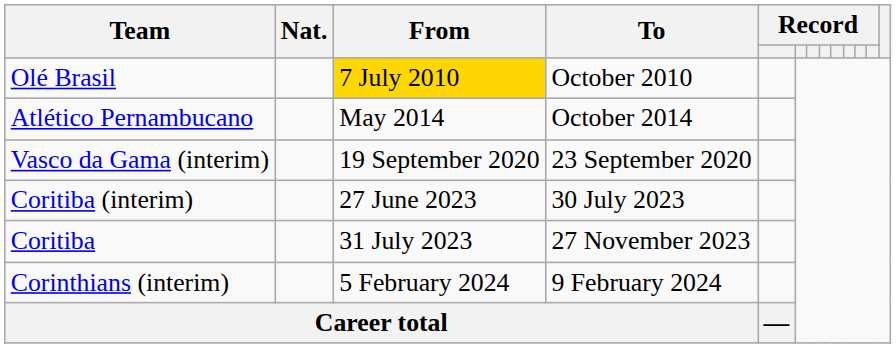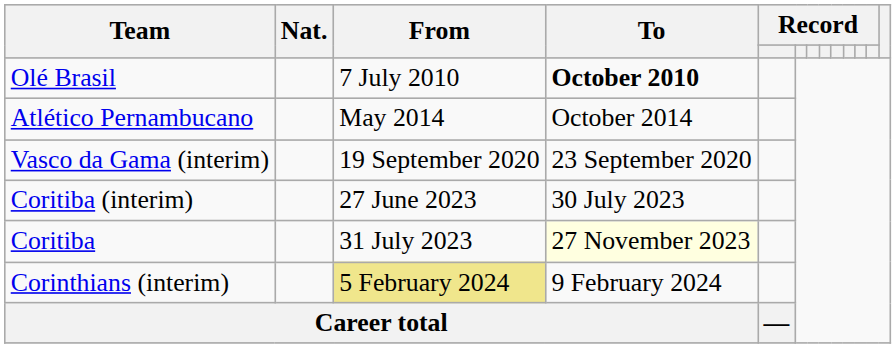 <table class="wikitable" style="text-align: center">
 <tr>
 <th rowspan="2">Team</th>
 <th rowspan="2">Nat.</th>
 <th rowspan="2">From</th>
 <th rowspan="2">To</th>
 <th colspan="8">Record</th>
 <th rowspan=2></th>
 </tr>
 <tr>
 <th></th>
 <th></th>
 <th></th>
 <th></th>
 <th></th>
 <th></th>
 <th></th>
 <th></th>
 </tr>
 <tr>
 <td align="left"><a href='#'>Olé Brasil</a></td>
 <td></td>
-<td align=left style="background: gold;">7 July 2010</td>
-<td align=left>October 2010<br></td>
+<td align=left>7 July 2010</td>
+<td align=left><strong>October 2010<br></strong></td>
 <td></td>
 </tr>
 <tr>
 <td align="left"><a href='#'>Atlético Pernambucano</a></td>
 <td></td>
 <td align=left>May 2014</td>
 <td align=left>October 2014<br></td>
 <td></td>
 </tr>
 <tr>
 <td align="left"><a href='#'>Vasco da Gama</a> (interim)</td>
 <td></td>
 <td align=left>19 September 2020</td>
 <td align=left>23 September 2020<br></td>
 <td></td>
 </tr>
 <tr>
 <td align="left"><a href='#'>Coritiba</a> (interim)</td>
 <td></td>
 <td align=left>27 June 2023</td>
 <td align=left>30 July 2023<br></td>
 <td></td>
 </tr>
 <tr>
 <td align="left"><a href='#'>Coritiba</a></td>
 <td></td>
 <td align=left>31 July 2023</td>
-<td align=left>27 November 2023<br></td>
+<td align=left style="background: lightyellow;">27 November 2023<br></td>
 <td></td>
 </tr>
 <tr>
 <td align="left"><a href='#'>Corinthians</a> (interim)</td>
 <td></td>
-<td align=left>5 February 2024</td>
+<td align=left style="background: khaki;">5 February 2024</td>
 <td align=left>9 February 2024<br></td>
 <td></td>
 </tr>
 <tr>
 <th colspan=4><strong>Career total</strong><br></th>
 <th>—</th>
 </tr>
 </table>
